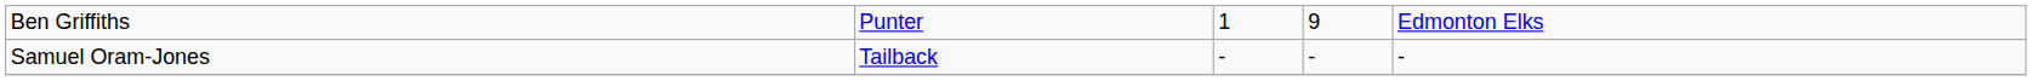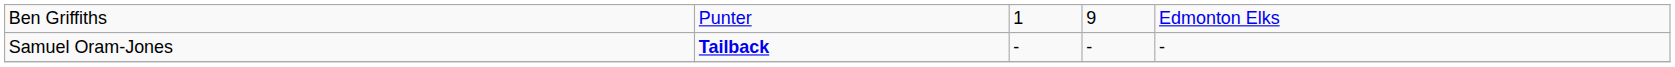 <table class="wikitable" style="width:75%;">
 <tr>
 <td>Ben Griffiths</td>
 <td><a href='#'>Punter</a></td>
 <td>1</td>
 <td>9</td>
 <td><a href='#'>Edmonton Elks</a></td>
 </tr>
 <tr>
 <td>Samuel Oram-Jones</td>
-<td><a href='#'>Tailback</a></td>
+<td><strong><a href='#'>Tailback</a></strong></td>
 <td>-</td>
 <td>-</td>
 <td>-</td>
 </tr>
 <tr>
 </tr>
 </table>
